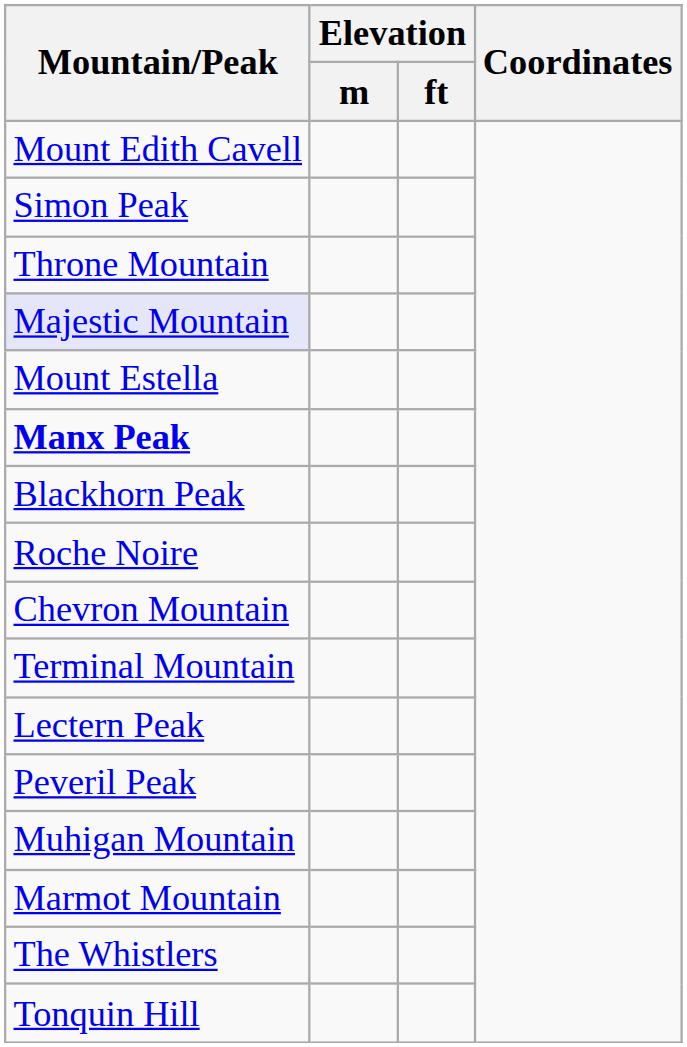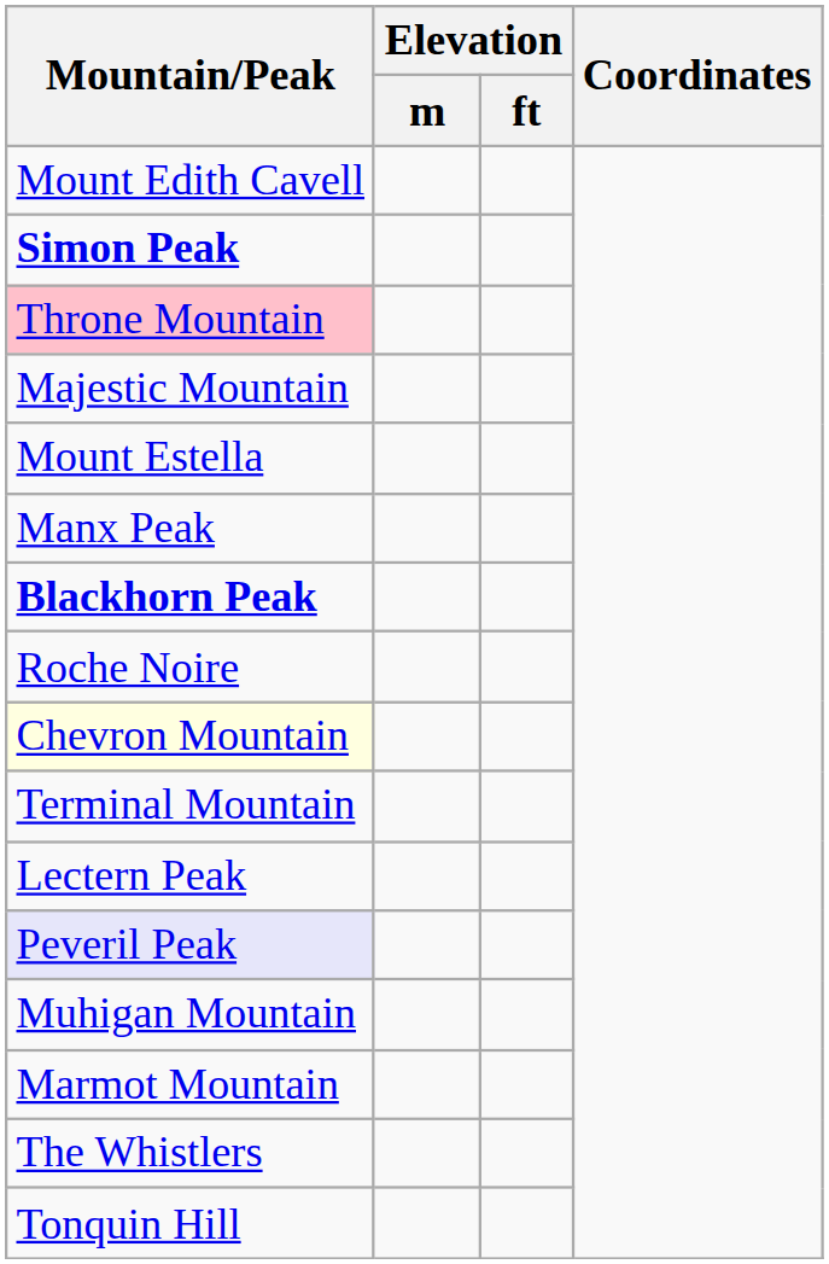 <table class="wikitable sortable">
 <tr>
 <th rowspan=2>Mountain/Peak</th>
 <th colspan=2>Elevation</th>
 <th rowspan=2>Coordinates</th>
 </tr>
 <tr>
 <th>m</th>
 <th>ft</th>
 </tr>
 <tr>
 <td><a href='#'>Mount Edith Cavell</a></td>
 <td></td>
 <td></td>
 </tr>
 <tr>
-<td><a href='#'>Simon Peak</a></td>
+<td><strong><a href='#'>Simon Peak</a></strong></td>
 <td></td>
 <td></td>
 </tr>
 <tr>
-<td><a href='#'>Throne Mountain</a></td>
+<td style="background: pink;"><a href='#'>Throne Mountain</a></td>
 <td></td>
 <td></td>
 </tr>
 <tr>
-<td style="background: lavender;"><a href='#'>Majestic Mountain</a></td>
+<td><a href='#'>Majestic Mountain</a></td>
 <td></td>
 <td></td>
 </tr>
 <tr>
 <td><a href='#'>Mount Estella</a></td>
 <td></td>
 <td></td>
 </tr>
 <tr>
-<td><strong><a href='#'>Manx Peak</a></strong></td>
+<td><a href='#'>Manx Peak</a></td>
 <td></td>
 <td></td>
 </tr>
 <tr>
-<td><a href='#'>Blackhorn Peak</a></td>
+<td><strong><a href='#'>Blackhorn Peak</a></strong></td>
 <td></td>
 <td></td>
 </tr>
 <tr>
 <td><a href='#'>Roche Noire</a></td>
 <td></td>
 <td></td>
 </tr>
 <tr>
-<td><a href='#'>Chevron Mountain</a></td>
+<td style="background: lightyellow;"><a href='#'>Chevron Mountain</a></td>
 <td></td>
 <td></td>
 </tr>
 <tr>
 <td><a href='#'>Terminal Mountain</a></td>
 <td></td>
 <td></td>
 </tr>
 <tr>
 <td><a href='#'>Lectern Peak</a></td>
 <td></td>
 <td></td>
 </tr>
 <tr>
-<td><a href='#'>Peveril Peak</a></td>
+<td style="background: lavender;"><a href='#'>Peveril Peak</a></td>
 <td></td>
 <td></td>
 </tr>
 <tr>
 <td><a href='#'>Muhigan Mountain</a></td>
 <td></td>
 <td></td>
 </tr>
 <tr>
 <td><a href='#'>Marmot Mountain</a></td>
 <td></td>
 <td></td>
 </tr>
 <tr>
 <td><a href='#'>The Whistlers</a></td>
 <td></td>
 <td></td>
 </tr>
 <tr>
 <td><a href='#'>Tonquin Hill</a></td>
 <td></td>
 <td></td>
 </tr>
 </table>
